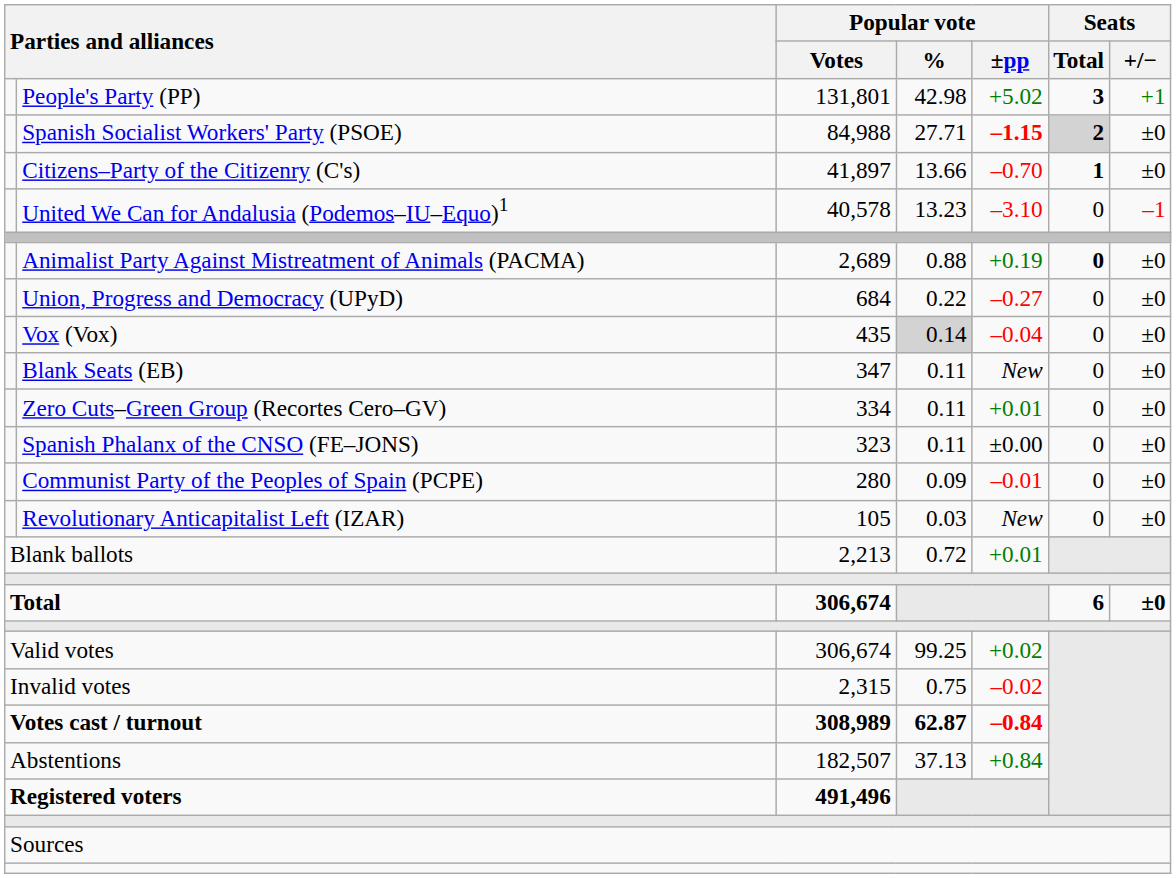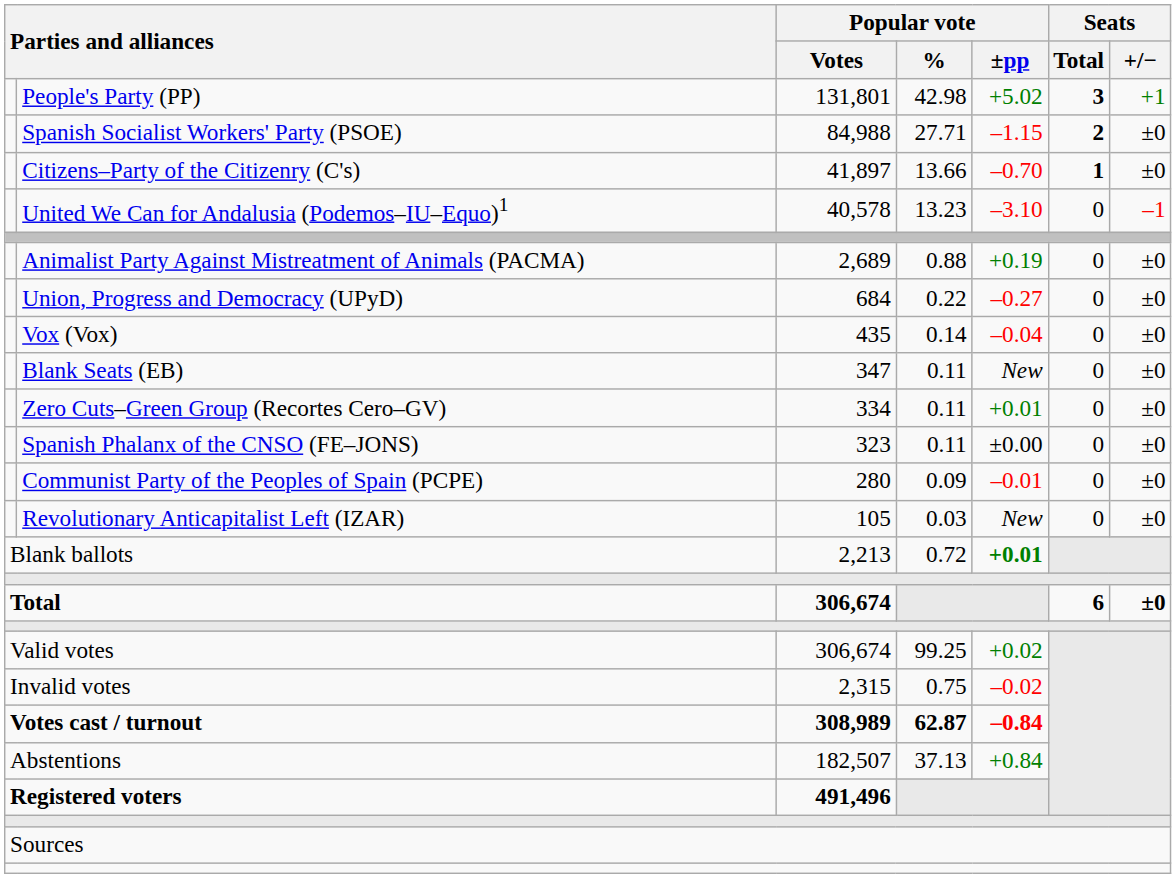 <table class="wikitable" style="text-align:right;">
 <tr>
 <th style="text-align:left;" rowspan="2" colspan="2" width="525">Parties and alliances</th>
 <th colspan="3">Popular vote</th>
 <th colspan="2">Seats</th>
 </tr>
 <tr>
 <th width="75">Votes</th>
 <th width="45">%</th>
 <th width="45">±<a href='#'>pp</a></th>
 <th width="35">Total</th>
 <th width="35">+/−</th>
 </tr>
 <tr>
 <td width="1" style="color:inherit;background:"></td>
 <td align="left"><a href='#'>People's Party</a> (PP)</td>
 <td>131,801</td>
 <td>42.98</td>
 <td style="color:green;">+5.02</td>
 <td><strong>3</strong></td>
 <td style="color:green;">+1</td>
 </tr>
 <tr>
 <td style="color:inherit;background:"></td>
 <td align="left"><a href='#'>Spanish Socialist Workers' Party</a> (PSOE)</td>
 <td>84,988</td>
 <td>27.71</td>
-<td style="color:red;"><strong>–1.15</strong></td>
-<td style="background: lightgrey;"><strong>2</strong></td>
+<td style="color:red;">–1.15</td>
+<td><strong>2</strong></td>
 <td>±0</td>
 </tr>
 <tr>
 <td style="color:inherit;background:"></td>
 <td align="left"><a href='#'>Citizens–Party of the Citizenry</a> (C's)</td>
 <td>41,897</td>
 <td>13.66</td>
 <td style="color:red;">–0.70</td>
 <td><strong>1</strong></td>
 <td>±0</td>
 </tr>
 <tr>
 <td style="color:inherit;background:"></td>
 <td align="left"><a href='#'>United We Can for Andalusia</a> (<a href='#'>Podemos</a>–<a href='#'>IU</a>–<a href='#'>Equo</a>)<sup>1</sup></td>
 <td>40,578</td>
 <td>13.23</td>
 <td style="color:red;">–3.10</td>
 <td>0</td>
 <td style="color:red;">–1</td>
 </tr>
 <tr>
 <td colspan="7" bgcolor="#C0C0C0"></td>
 </tr>
 <tr>
 <td style="color:inherit;background:"></td>
 <td align="left"><a href='#'>Animalist Party Against Mistreatment of Animals</a> (PACMA)</td>
 <td>2,689</td>
 <td>0.88</td>
 <td style="color:green;">+0.19</td>
-<td><strong>0</strong></td>
+<td>0</td>
 <td>±0</td>
 </tr>
 <tr>
 <td style="color:inherit;background:"></td>
 <td align="left"><a href='#'>Union, Progress and Democracy</a> (UPyD)</td>
 <td>684</td>
 <td>0.22</td>
 <td style="color:red;">–0.27</td>
 <td>0</td>
 <td>±0</td>
 </tr>
 <tr>
 <td style="color:inherit;background:"></td>
 <td align="left"><a href='#'>Vox</a> (Vox)</td>
 <td>435</td>
-<td style="background: lightgrey;">0.14</td>
+<td>0.14</td>
 <td style="color:red;">–0.04</td>
 <td>0</td>
 <td>±0</td>
 </tr>
 <tr>
 <td style="color:inherit;background:"></td>
 <td align="left"><a href='#'>Blank Seats</a> (EB)</td>
 <td>347</td>
 <td>0.11</td>
 <td><em>New</em></td>
 <td>0</td>
 <td>±0</td>
 </tr>
 <tr>
 <td style="color:inherit;background:"></td>
 <td align="left"><a href='#'>Zero Cuts</a>–<a href='#'>Green Group</a> (Recortes Cero–GV)</td>
 <td>334</td>
 <td>0.11</td>
 <td style="color:green;">+0.01</td>
 <td>0</td>
 <td>±0</td>
 </tr>
 <tr>
 <td style="color:inherit;background:"></td>
 <td align="left"><a href='#'>Spanish Phalanx of the CNSO</a> (FE–JONS)</td>
 <td>323</td>
 <td>0.11</td>
 <td>±0.00</td>
 <td>0</td>
 <td>±0</td>
 </tr>
 <tr>
 <td style="color:inherit;background:"></td>
 <td align="left"><a href='#'>Communist Party of the Peoples of Spain</a> (PCPE)</td>
 <td>280</td>
 <td>0.09</td>
 <td style="color:red;">–0.01</td>
 <td>0</td>
 <td>±0</td>
 </tr>
 <tr>
 <td style="color:inherit;background:"></td>
 <td align="left"><a href='#'>Revolutionary Anticapitalist Left</a> (IZAR)</td>
 <td>105</td>
 <td>0.03</td>
 <td><em>New</em></td>
 <td>0</td>
 <td>±0</td>
 </tr>
 <tr>
 <td align="left" colspan="2">Blank ballots</td>
 <td>2,213</td>
 <td>0.72</td>
-<td style="color:green;">+0.01</td>
+<td style="color:green;"><strong>+0.01</strong></td>
 <td bgcolor="#E9E9E9" colspan="2"></td>
 </tr>
 <tr>
 <td colspan="7" bgcolor="#E9E9E9"></td>
 </tr>
 <tr style="font-weight:bold;">
 <td align="left" colspan="2">Total</td>
 <td>306,674</td>
 <td bgcolor="#E9E9E9" colspan="2"></td>
 <td>6</td>
 <td>±0</td>
 </tr>
 <tr>
 <td colspan="7" bgcolor="#E9E9E9"></td>
 </tr>
 <tr>
 <td align="left" colspan="2">Valid votes</td>
 <td>306,674</td>
 <td>99.25</td>
 <td style="color:green;">+0.02</td>
 <td bgcolor="#E9E9E9" colspan="2" rowspan="5"></td>
 </tr>
 <tr>
 <td align="left" colspan="2">Invalid votes</td>
 <td>2,315</td>
 <td>0.75</td>
 <td style="color:red;">–0.02</td>
 </tr>
 <tr style="font-weight:bold;">
 <td align="left" colspan="2">Votes cast / turnout</td>
 <td>308,989</td>
 <td>62.87</td>
 <td style="color:red;">–0.84</td>
 </tr>
 <tr>
 <td align="left" colspan="2">Abstentions</td>
 <td>182,507</td>
 <td>37.13</td>
 <td style="color:green;">+0.84</td>
 </tr>
 <tr style="font-weight:bold;">
 <td align="left" colspan="2">Registered voters</td>
 <td>491,496</td>
 <td bgcolor="#E9E9E9" colspan="2"></td>
 </tr>
 <tr>
 <td colspan="7" bgcolor="#E9E9E9"></td>
 </tr>
 <tr>
 <td align="left" colspan="7">Sources</td>
 </tr>
 <tr>
 <td colspan="7" style="text-align:left; max-width:790px;"></td>
 </tr>
 </table>
